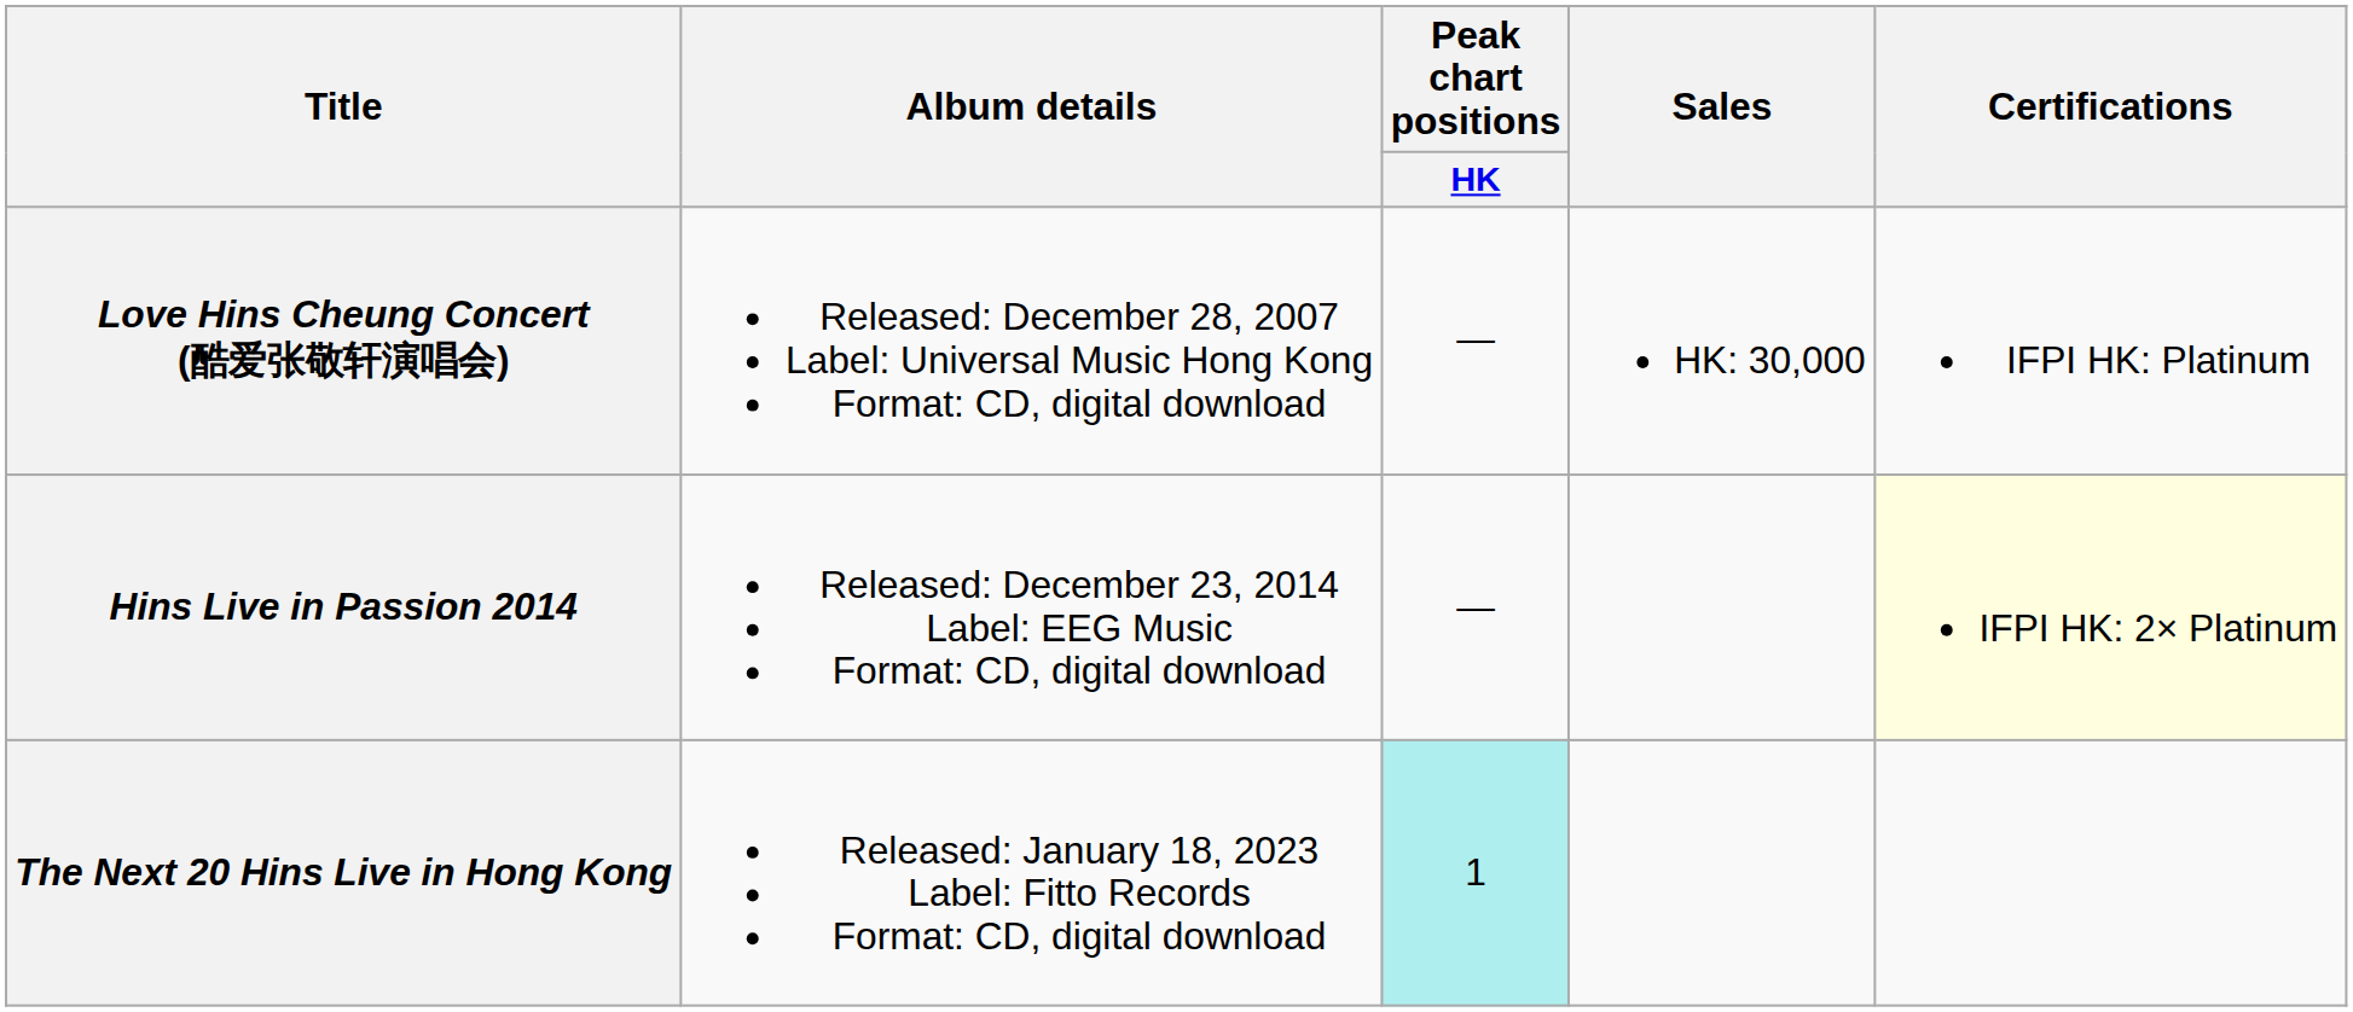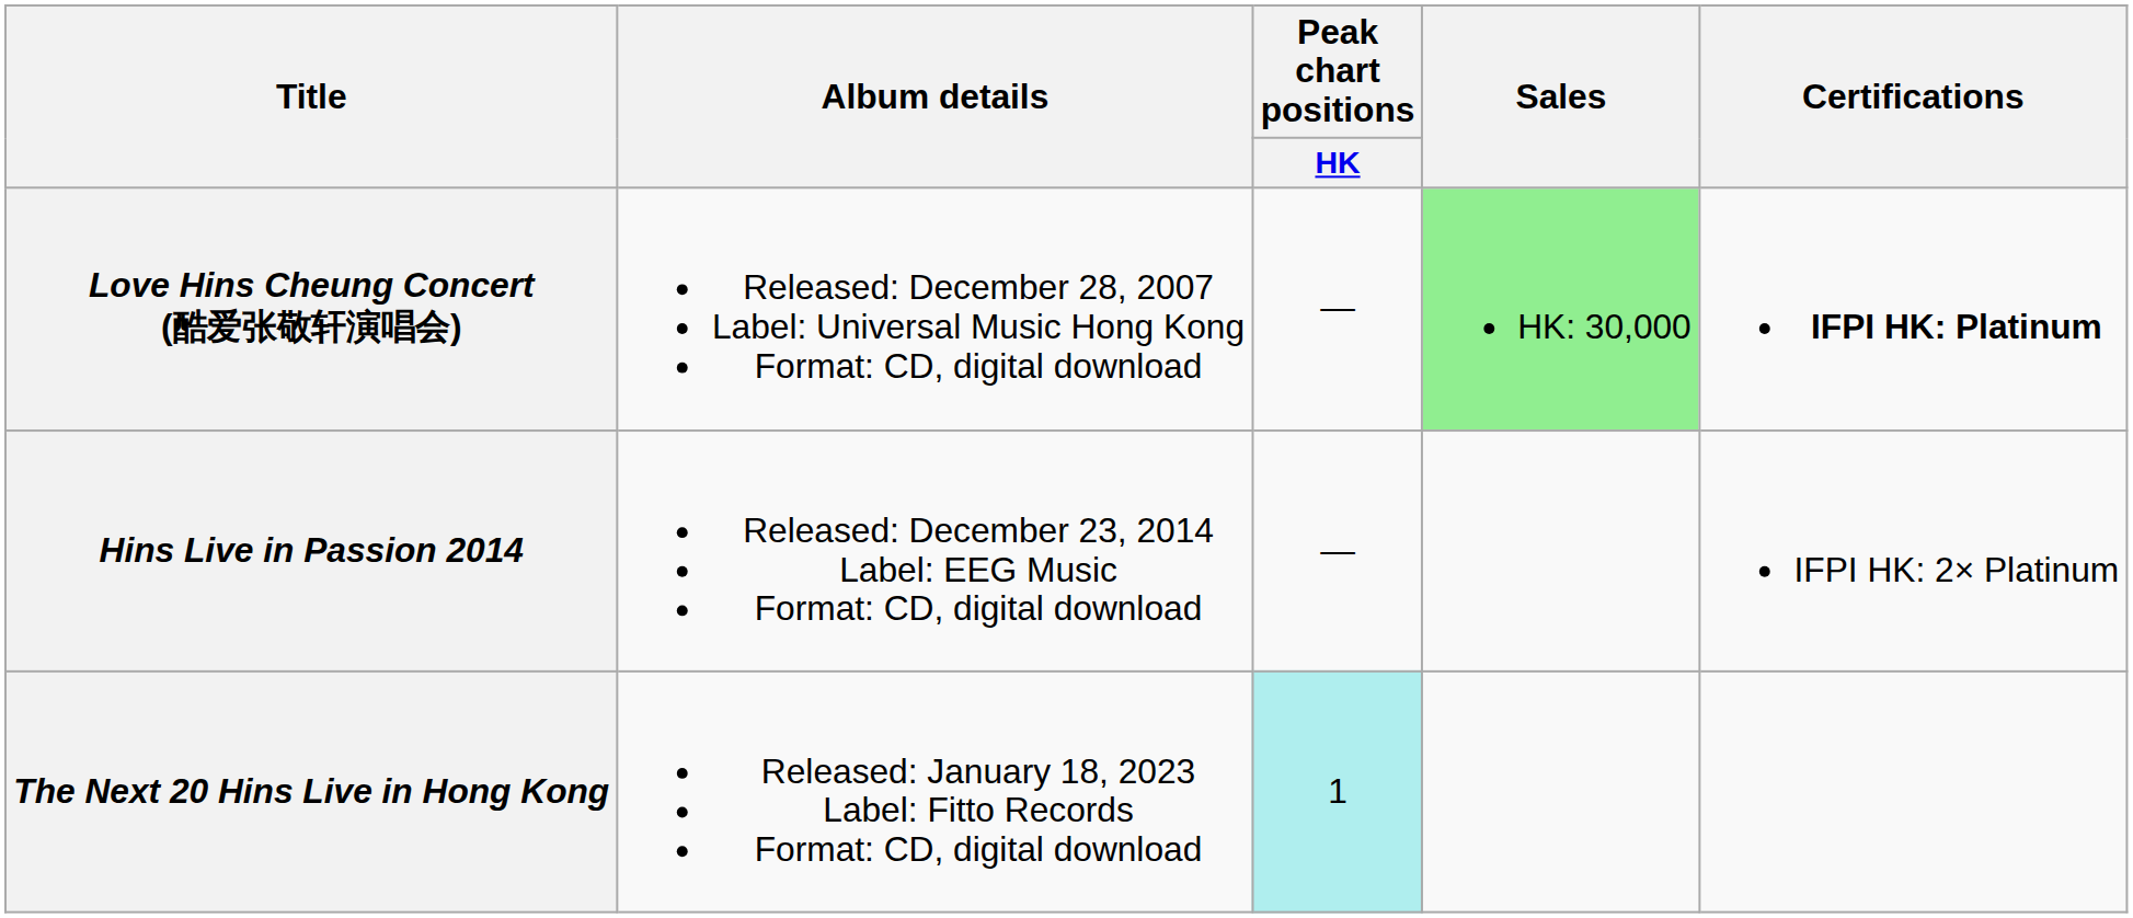 <table class="wikitable plainrowheaders" style="text-align:center;">
 <tr>
 <th rowspan="2" scope="col">Title</th>
 <th rowspan="2" scope="col">Album details</th>
 <th>Peak chart positions</th>
 <th rowspan="2">Sales</th>
 <th rowspan="2">Certifications</th>
 </tr>
 <tr>
 <th scope="col" style="width:3em;font-size:90%;"><a href='#'>HK</a><br></th>
 </tr>
 <tr>
 <th scope="row"><em>Love Hins Cheung Concert</em><br>(酷爱张敬轩演唱会)</th>
 <td><br><ul><li>Released: December 28, 2007</li><li>Label: Universal Music Hong Kong</li><li>Format: CD, digital download</li></ul></td>
 <td>—</td>
-<td><br><ul><li>HK: 30,000</li></ul></td>
-<td><br><ul><li>IFPI HK: Platinum</li></ul></td>
+<td style="background: lightgreen;"><br><ul><li>HK: 30,000</li></ul></td>
+<td><strong><br><ul><li>IFPI HK: Platinum</li></ul></strong></td>
 </tr>
 <tr>
 <th scope="row"><em>Hins Live in Passion 2014</em></th>
 <td><br><ul><li>Released: December 23, 2014</li><li>Label: EEG Music</li><li>Format: CD, digital download</li></ul></td>
 <td>—</td>
 <td></td>
-<td style="background: lightyellow;"><br><ul><li>IFPI HK: 2× Platinum</li></ul></td>
+<td><br><ul><li>IFPI HK: 2× Platinum</li></ul></td>
 </tr>
 <tr>
 <th scope="row"><em>The Next 20 Hins Live in Hong Kong</em></th>
 <td><br><ul><li>Released: January 18, 2023</li><li>Label: Fitto Records</li><li>Format: CD, digital download</li></ul></td>
 <td style="background: paleturquoise;">1</td>
 <td></td>
 <td></td>
 </tr>
 </table>
